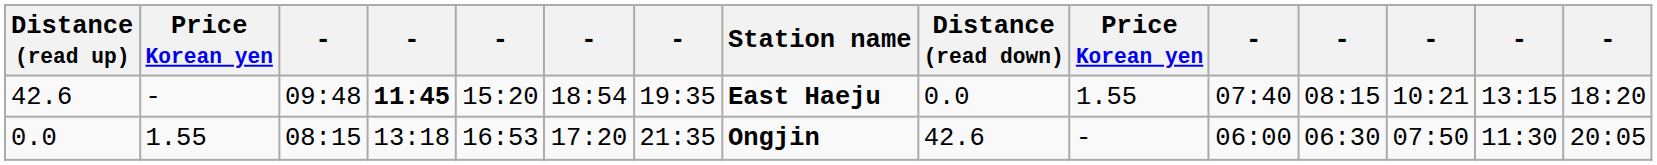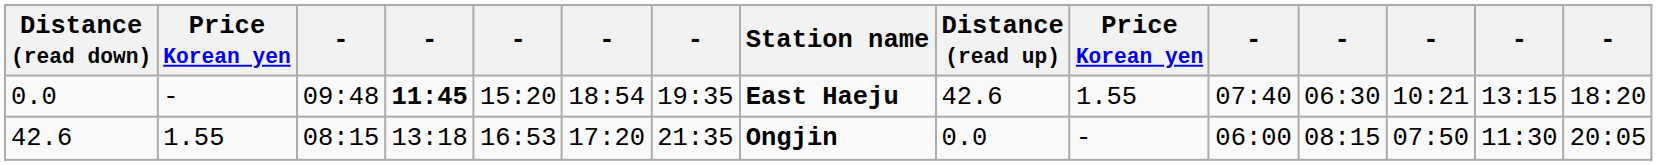 <table class="wikitable">
 <tr>
-<th>Distance<br><small>(read up)</small></th>
+<th>Distance<br><small>(read down)</small></th>
 <th>Price<br><small><a href='#'>Korean yen</a></small></th>
 <th><strong>-</strong></th>
 <th><strong>-</strong></th>
 <th><strong>-</strong></th>
 <th><strong>-</strong></th>
 <th><strong>-</strong></th>
 <th>Station name</th>
-<th>Distance<br><small>(read down)</small></th>
+<th>Distance<br><small>(read up)</small></th>
 <th>Price<br><small><a href='#'>Korean yen</a></small></th>
 <th><strong>-</strong></th>
 <th><strong>-</strong></th>
 <th><strong>-</strong></th>
 <th><strong>-</strong></th>
 <th><strong>-</strong></th>
 </tr>
 <tr>
-<td>42.6</td>
+<td>0.0</td>
 <td>-</td>
 <td>09:48</td>
 <td><strong>11:45</strong></td>
 <td>15:20</td>
 <td>18:54</td>
 <td>19:35</td>
 <td><strong>East Haeju</strong></td>
-<td>0.0</td>
+<td>42.6</td>
 <td>1.55</td>
 <td>07:40</td>
-<td>08:15</td>
+<td>06:30</td>
 <td>10:21</td>
 <td>13:15</td>
 <td>18:20</td>
 </tr>
 <tr>
-<td>0.0</td>
+<td>42.6</td>
 <td>1.55</td>
 <td>08:15</td>
 <td>13:18</td>
 <td>16:53</td>
 <td>17:20</td>
 <td>21:35</td>
 <td><strong>Ongjin</strong></td>
-<td>42.6</td>
+<td>0.0</td>
 <td>-</td>
 <td>06:00</td>
-<td>06:30</td>
+<td>08:15</td>
 <td>07:50</td>
 <td>11:30</td>
 <td>20:05</td>
 </tr>
 </table>
